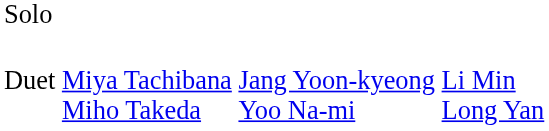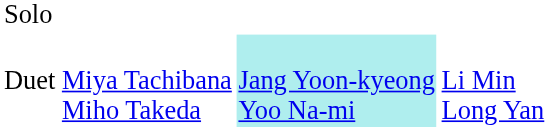 <table>
 <tr>
 <td>Solo<br></td>
 <td></td>
 <td></td>
 <td></td>
 </tr>
 <tr>
 <td>Duet<br></td>
 <td><br><a href='#'>Miya Tachibana</a><br><a href='#'>Miho Takeda</a></td>
-<td><br><a href='#'>Jang Yoon-kyeong</a><br><a href='#'>Yoo Na-mi</a></td>
+<td style="background: paleturquoise;"><br><a href='#'>Jang Yoon-kyeong</a><br><a href='#'>Yoo Na-mi</a></td>
 <td><br><a href='#'>Li Min</a><br><a href='#'>Long Yan</a></td>
 </tr>
 </table>
